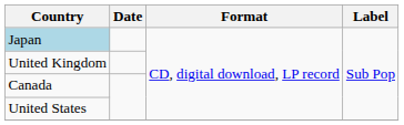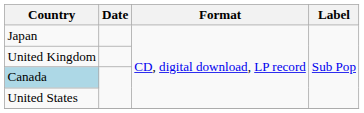 <table class="wikitable">
 <tr>
 <th>Country</th>
 <th>Date</th>
 <th>Format</th>
 <th>Label</th>
 </tr>
 <tr>
-<td rowspan="1" style="background: lightblue;">Japan</td>
+<td rowspan="1">Japan</td>
 <td rowspan="1"></td>
 <td rowspan="4"><a href='#'>CD</a>, <a href='#'>digital download</a>, <a href='#'>LP record</a></td>
 <td rowspan="4"><a href='#'>Sub Pop</a></td>
 </tr>
 <tr>
 <td rowspan="1">United Kingdom</td>
 <td rowspan="1"></td>
 </tr>
 <tr>
-<td rowspan="1">Canada</td>
+<td rowspan="1" style="background: lightblue;">Canada</td>
 <td rowspan="2"></td>
 </tr>
 <tr>
 <td rowspan="1">United States</td>
 </tr>
 <tr>
 </tr>
 </table>
